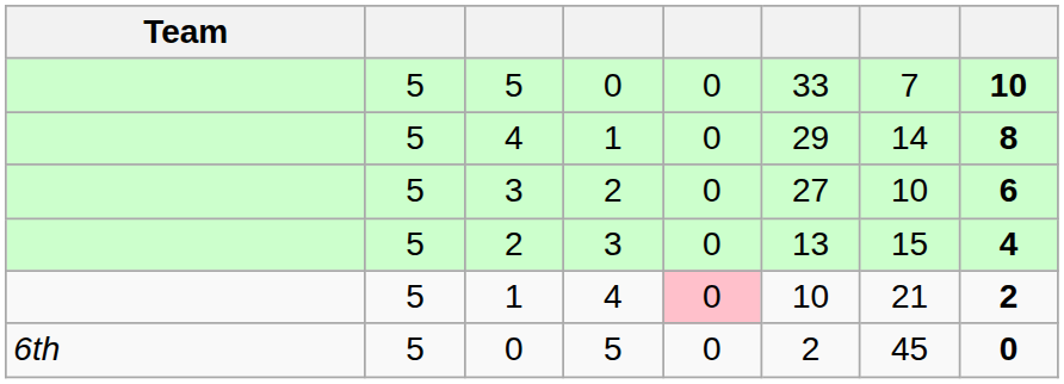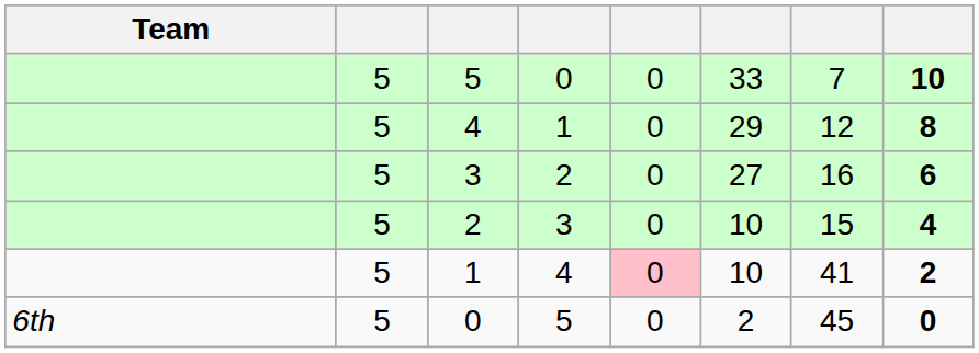 <table class="wikitable" style="text-align:center;">
 <tr>
 <th width=165>Team</th>
 <th width=40></th>
 <th width=40></th>
 <th width=40></th>
 <th width=40></th>
 <th width=40></th>
 <th width=40></th>
 <th width=40></th>
 </tr>
 <tr bgcolor="ccffcc">
 <td style="text-align:left;"></td>
 <td>5</td>
 <td>5</td>
 <td>0</td>
 <td>0</td>
 <td>33</td>
 <td>7</td>
 <td><strong>10</strong></td>
 </tr>
 <tr bgcolor="ccffcc">
 <td style="text-align:left;"></td>
 <td>5</td>
 <td>4</td>
 <td>1</td>
 <td>0</td>
 <td>29</td>
-<td>14</td>
+<td>12</td>
 <td><strong>8</strong></td>
 </tr>
 <tr bgcolor="ccffcc">
 <td style="text-align:left;"></td>
 <td>5</td>
 <td>3</td>
 <td>2</td>
 <td>0</td>
 <td>27</td>
-<td>10</td>
+<td>16</td>
 <td><strong>6</strong></td>
 </tr>
 <tr bgcolor="ccffcc">
 <td style="text-align:left;"></td>
 <td>5</td>
 <td>2</td>
 <td>3</td>
 <td>0</td>
-<td>13</td>
+<td>10</td>
 <td>15</td>
 <td><strong>4</strong></td>
 </tr>
 <tr>
 <td style="text-align:left;"></td>
 <td>5</td>
 <td>1</td>
 <td>4</td>
 <td style="background: pink;">0</td>
 <td>10</td>
-<td>21</td>
+<td>41</td>
 <td><strong>2</strong></td>
 </tr>
 <tr>
 <td style="text-align:left;"> <em>6th</em></td>
 <td>5</td>
 <td>0</td>
 <td>5</td>
 <td>0</td>
 <td>2</td>
 <td>45</td>
 <td><strong>0</strong></td>
 </tr>
 </table>
